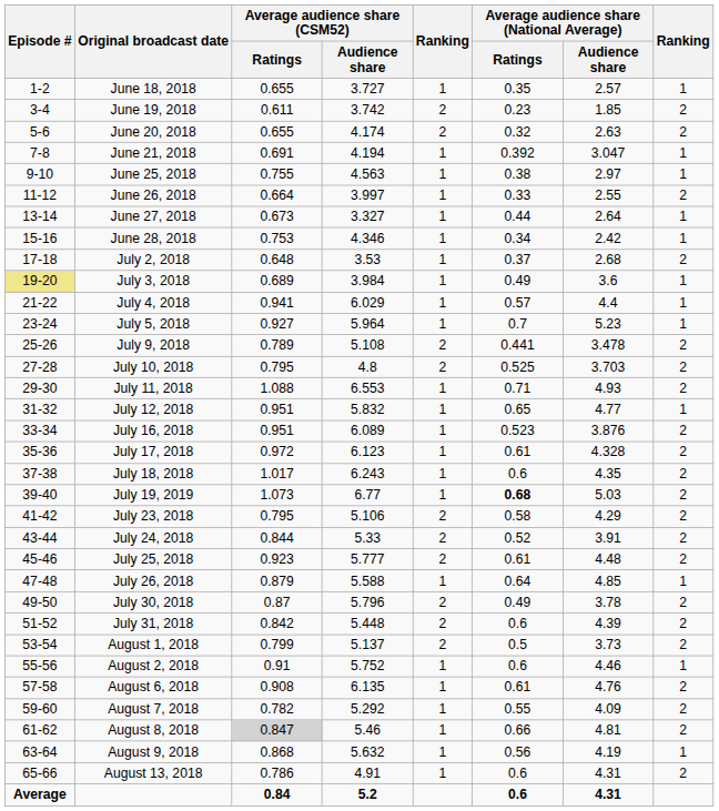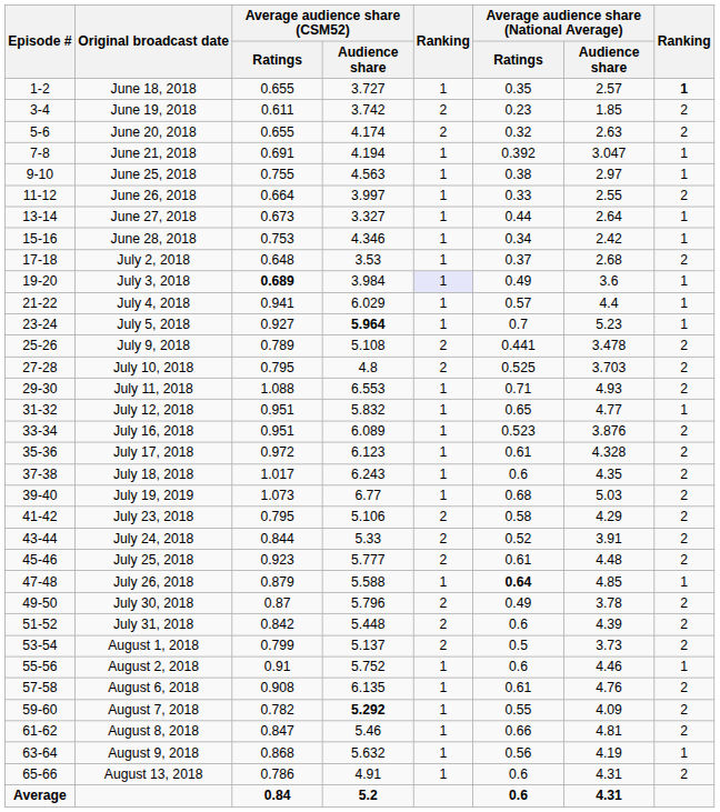 <table class="wikitable" style="text-align:center">
 <tr>
 <th rowspan="2">Episode #</th>
 <th rowspan="2">Original broadcast date</th>
 <th colspan="2">Average audience share (CSM52)</th>
 <th rowspan="2">Ranking</th>
 <th colspan="2">Average audience share (National Average)</th>
 <th rowspan="2">Ranking</th>
 </tr>
 <tr>
 <th width="100">Ratings</th>
 <th width="100">Audience share</th>
 <th width="100">Ratings</th>
 <th width="100">Audience share</th>
 </tr>
 <tr>
 <td>1-2</td>
 <td>June 18, 2018</td>
 <td>0.655</td>
 <td>3.727</td>
 <td>1</td>
 <td>0.35</td>
 <td>2.57</td>
-<td>1</td>
+<td><strong>1</strong></td>
 </tr>
 <tr>
 <td>3-4</td>
 <td>June 19, 2018</td>
 <td>0.611</td>
 <td>3.742</td>
 <td>2</td>
 <td>0.23</td>
 <td>1.85</td>
 <td>2</td>
 </tr>
 <tr>
 <td>5-6</td>
 <td>June 20, 2018</td>
 <td>0.655</td>
 <td>4.174</td>
 <td>2</td>
 <td>0.32</td>
 <td>2.63</td>
 <td>2</td>
 </tr>
 <tr>
 <td>7-8</td>
 <td>June 21, 2018</td>
 <td>0.691</td>
 <td>4.194</td>
 <td>1</td>
 <td>0.392</td>
 <td>3.047</td>
 <td>1</td>
 </tr>
 <tr>
 <td>9-10</td>
 <td>June 25, 2018</td>
 <td>0.755</td>
 <td>4.563</td>
 <td>1</td>
 <td>0.38</td>
 <td>2.97</td>
 <td>1</td>
 </tr>
 <tr>
 <td>11-12</td>
 <td>June 26, 2018</td>
 <td>0.664</td>
 <td>3.997</td>
 <td>1</td>
 <td>0.33</td>
 <td>2.55</td>
 <td>2</td>
 </tr>
 <tr>
 <td>13-14</td>
 <td>June 27, 2018</td>
 <td>0.673</td>
 <td>3.327</td>
 <td>1</td>
 <td>0.44</td>
 <td>2.64</td>
 <td>1</td>
 </tr>
 <tr>
 <td>15-16</td>
 <td>June 28, 2018</td>
 <td>0.753</td>
 <td>4.346</td>
 <td>1</td>
 <td>0.34</td>
 <td>2.42</td>
 <td>1</td>
 </tr>
 <tr>
 <td>17-18</td>
 <td>July 2, 2018</td>
 <td>0.648</td>
 <td>3.53</td>
 <td>1</td>
 <td>0.37</td>
 <td>2.68</td>
 <td>2</td>
 </tr>
 <tr>
-<td style="background: khaki;">19-20</td>
+<td>19-20</td>
 <td>July 3, 2018</td>
-<td>0.689</td>
+<td><strong>0.689</strong></td>
 <td>3.984</td>
-<td>1</td>
+<td style="background: lavender;">1</td>
 <td>0.49</td>
 <td>3.6</td>
 <td>1</td>
 </tr>
 <tr>
 <td>21-22</td>
 <td>July 4, 2018</td>
 <td>0.941</td>
 <td>6.029</td>
 <td>1</td>
 <td>0.57</td>
 <td>4.4</td>
 <td>1</td>
 </tr>
 <tr>
 <td>23-24</td>
 <td>July 5, 2018</td>
 <td>0.927</td>
-<td>5.964</td>
+<td><strong>5.964</strong></td>
 <td>1</td>
 <td>0.7</td>
 <td>5.23</td>
 <td>1</td>
 </tr>
 <tr>
 <td>25-26</td>
 <td>July 9, 2018</td>
 <td>0.789</td>
 <td>5.108</td>
 <td>2</td>
 <td>0.441</td>
 <td>3.478</td>
 <td>2</td>
 </tr>
 <tr>
 <td>27-28</td>
 <td>July 10, 2018</td>
 <td>0.795</td>
 <td>4.8</td>
 <td>2</td>
 <td>0.525</td>
 <td>3.703</td>
 <td>2</td>
 </tr>
 <tr>
 <td>29-30</td>
 <td>July 11, 2018</td>
 <td>1.088</td>
 <td>6.553</td>
 <td>1</td>
 <td>0.71</td>
 <td>4.93</td>
 <td>2</td>
 </tr>
 <tr>
 <td>31-32</td>
 <td>July 12, 2018</td>
 <td>0.951</td>
 <td>5.832</td>
 <td>1</td>
 <td>0.65</td>
 <td>4.77</td>
 <td>1</td>
 </tr>
 <tr>
 <td>33-34</td>
 <td>July 16, 2018</td>
 <td>0.951</td>
 <td>6.089</td>
 <td>1</td>
 <td>0.523</td>
 <td>3.876</td>
 <td>2</td>
 </tr>
 <tr>
 <td>35-36</td>
 <td>July 17, 2018</td>
 <td>0.972</td>
 <td>6.123</td>
 <td>1</td>
 <td>0.61</td>
 <td>4.328</td>
 <td>2</td>
 </tr>
 <tr>
 <td>37-38</td>
 <td>July 18, 2018</td>
 <td>1.017</td>
 <td>6.243</td>
 <td>1</td>
 <td>0.6</td>
 <td>4.35</td>
 <td>2</td>
 </tr>
 <tr>
 <td>39-40</td>
 <td>July 19, 2019</td>
 <td>1.073</td>
 <td>6.77</td>
 <td>1</td>
-<td><strong>0.68</strong></td>
+<td>0.68</td>
 <td>5.03</td>
 <td>2</td>
 </tr>
 <tr>
 <td>41-42</td>
 <td>July 23, 2018</td>
 <td>0.795</td>
 <td>5.106</td>
 <td>2</td>
 <td>0.58</td>
 <td>4.29</td>
 <td>2</td>
 </tr>
 <tr>
 <td>43-44</td>
 <td>July 24, 2018</td>
 <td>0.844</td>
 <td>5.33</td>
 <td>2</td>
 <td>0.52</td>
 <td>3.91</td>
 <td>2</td>
 </tr>
 <tr>
 <td>45-46</td>
 <td>July 25, 2018</td>
 <td>0.923</td>
 <td>5.777</td>
 <td>2</td>
 <td>0.61</td>
 <td>4.48</td>
 <td>2</td>
 </tr>
 <tr>
 <td>47-48</td>
 <td>July 26, 2018</td>
 <td>0.879</td>
 <td>5.588</td>
 <td>1</td>
-<td>0.64</td>
+<td><strong>0.64</strong></td>
 <td>4.85</td>
 <td>1</td>
 </tr>
 <tr>
 <td>49-50</td>
 <td>July 30, 2018</td>
 <td>0.87</td>
 <td>5.796</td>
 <td>2</td>
 <td>0.49</td>
 <td>3.78</td>
 <td>2</td>
 </tr>
 <tr>
 <td>51-52</td>
 <td>July 31, 2018</td>
 <td>0.842</td>
 <td>5.448</td>
 <td>2</td>
 <td>0.6</td>
 <td>4.39</td>
 <td>2</td>
 </tr>
 <tr>
 <td>53-54</td>
 <td>August 1, 2018</td>
 <td>0.799</td>
 <td>5.137</td>
 <td>2</td>
 <td>0.5</td>
 <td>3.73</td>
 <td>2</td>
 </tr>
 <tr>
 <td>55-56</td>
 <td>August 2, 2018</td>
 <td>0.91</td>
 <td>5.752</td>
 <td>1</td>
 <td>0.6</td>
 <td>4.46</td>
 <td>1</td>
 </tr>
 <tr>
 <td>57-58</td>
 <td>August 6, 2018</td>
 <td>0.908</td>
 <td>6.135</td>
 <td>1</td>
 <td>0.61</td>
 <td>4.76</td>
 <td>2</td>
 </tr>
 <tr>
 <td>59-60</td>
 <td>August 7, 2018</td>
 <td>0.782</td>
-<td>5.292</td>
+<td><strong>5.292</strong></td>
 <td>1</td>
 <td>0.55</td>
 <td>4.09</td>
 <td>2</td>
 </tr>
 <tr>
 <td>61-62</td>
 <td>August 8, 2018</td>
-<td style="background: lightgrey;">0.847</td>
+<td>0.847</td>
 <td>5.46</td>
 <td>1</td>
 <td>0.66</td>
 <td>4.81</td>
 <td>2</td>
 </tr>
 <tr>
 <td>63-64</td>
 <td>August 9, 2018</td>
 <td>0.868</td>
 <td>5.632</td>
 <td>1</td>
 <td>0.56</td>
 <td>4.19</td>
 <td>1</td>
 </tr>
 <tr>
 <td>65-66</td>
 <td>August 13, 2018</td>
 <td>0.786</td>
 <td>4.91</td>
 <td>1</td>
 <td>0.6</td>
 <td>4.31</td>
 <td>2</td>
 </tr>
 <tr>
 <td><strong>Average</strong></td>
 <td></td>
 <td><strong>0.84</strong></td>
 <td><strong>5.2</strong></td>
 <td></td>
 <td><strong>0.6</strong></td>
 <td><strong>4.31</strong></td>
 <td></td>
 </tr>
 </table>
